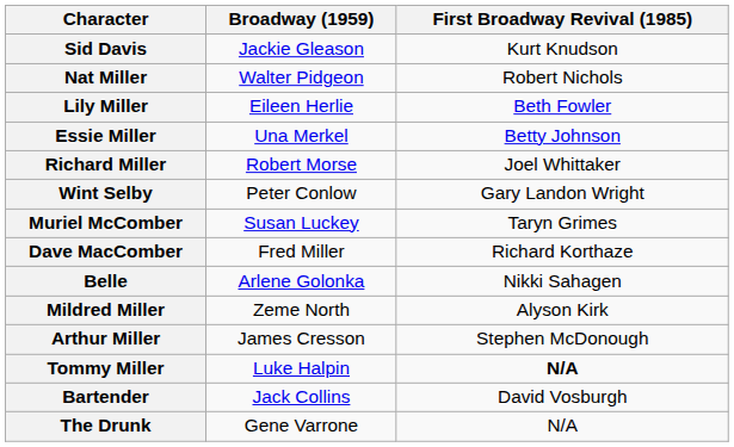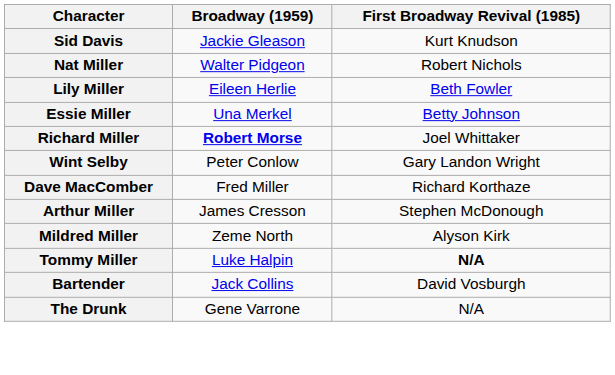 <table class="wikitable" style="width:50%; text-align:center">
 <tr>
 <th scope="col">Character</th>
 <th>Broadway (1959)</th>
 <th>First Broadway Revival (1985)</th>
 </tr>
 <tr>
 <th>Sid Davis</th>
 <td colspan="1"><a href='#'>Jackie Gleason</a></td>
 <td colspan="1">Kurt Knudson</td>
 </tr>
 <tr>
 <th>Nat Miller</th>
 <td colspan="1”"><a href='#'>Walter Pidgeon</a></td>
 <td colspan="1”">Robert Nichols</td>
 </tr>
 <tr>
 <th>Lily Miller</th>
 <td colspan="1"><a href='#'>Eileen Herlie</a></td>
 <td colspan="1"><a href='#'>Beth Fowler</a></td>
 </tr>
 <tr>
 <th>Essie Miller</th>
 <td colspan="1"><a href='#'>Una Merkel</a></td>
 <td colspan="1"><a href='#'>Betty Johnson</a></td>
 </tr>
 <tr>
 <th>Richard Miller</th>
-<td colspan="1"><a href='#'>Robert Morse</a></td>
+<td colspan="1"><strong><a href='#'>Robert Morse</a></strong></td>
 <td colspan="1">Joel Whittaker</td>
 </tr>
 <tr>
 <th>Wint Selby</th>
 <td colspan="1">Peter Conlow</td>
 <td colspan="1">Gary Landon Wright</td>
 </tr>
 <tr>
-<th>Muriel McComber</th>
-<td colspan="1"><a href='#'>Susan Luckey</a></td>
-<td colspan="1">Taryn Grimes</td>
-</tr>
-<tr>
 <th>Dave MacComber</th>
 <td colspan="1">Fred Miller</td>
 <td colspan="1">Richard Korthaze</td>
 </tr>
 <tr>
-<th>Belle</th>
-<td colspan="1"><a href='#'>Arlene Golonka</a></td>
-<td colspan="1">Nikki Sahagen</td>
+<th>Arthur Miller</th>
+<td colspan="1">James Cresson</td>
+<td colspan="1">Stephen McDonough</td>
 </tr>
 <tr>
 <th>Mildred Miller</th>
 <td colspan="1">Zeme North</td>
 <td colspan="1">Alyson Kirk</td>
-</tr>
-<tr>
-<th>Arthur Miller</th>
-<td colspan="1">James Cresson</td>
-<td colspan="1">Stephen McDonough</td>
 </tr>
 <tr>
 <th>Tommy Miller</th>
 <td colspan="1"><a href='#'>Luke Halpin</a></td>
 <td colspan="1"><strong>N/A</strong></td>
 </tr>
 <tr>
 <th>Bartender</th>
 <td colspan="1"><a href='#'>Jack Collins</a></td>
 <td colspan="1">David Vosburgh</td>
 </tr>
 <tr>
 <th>The Drunk</th>
 <td colspan="1">Gene Varrone</td>
 <td colspan="1">N/A</td>
 </tr>
 </table>
